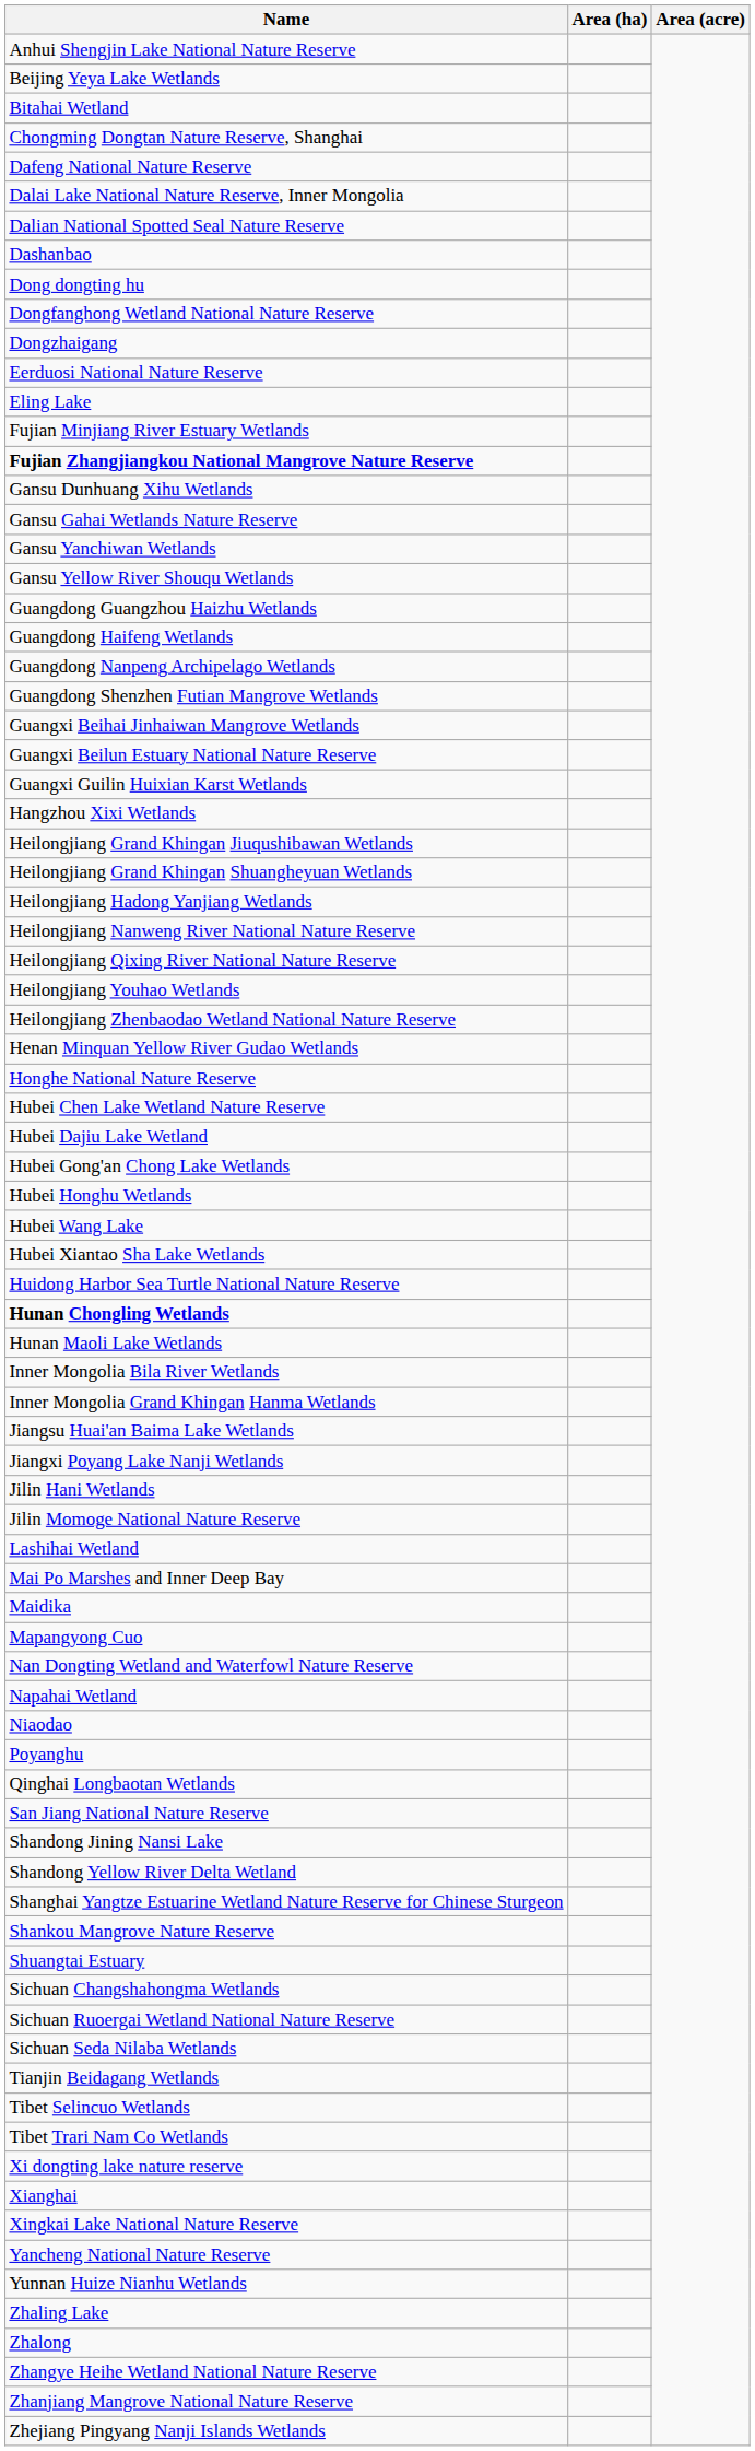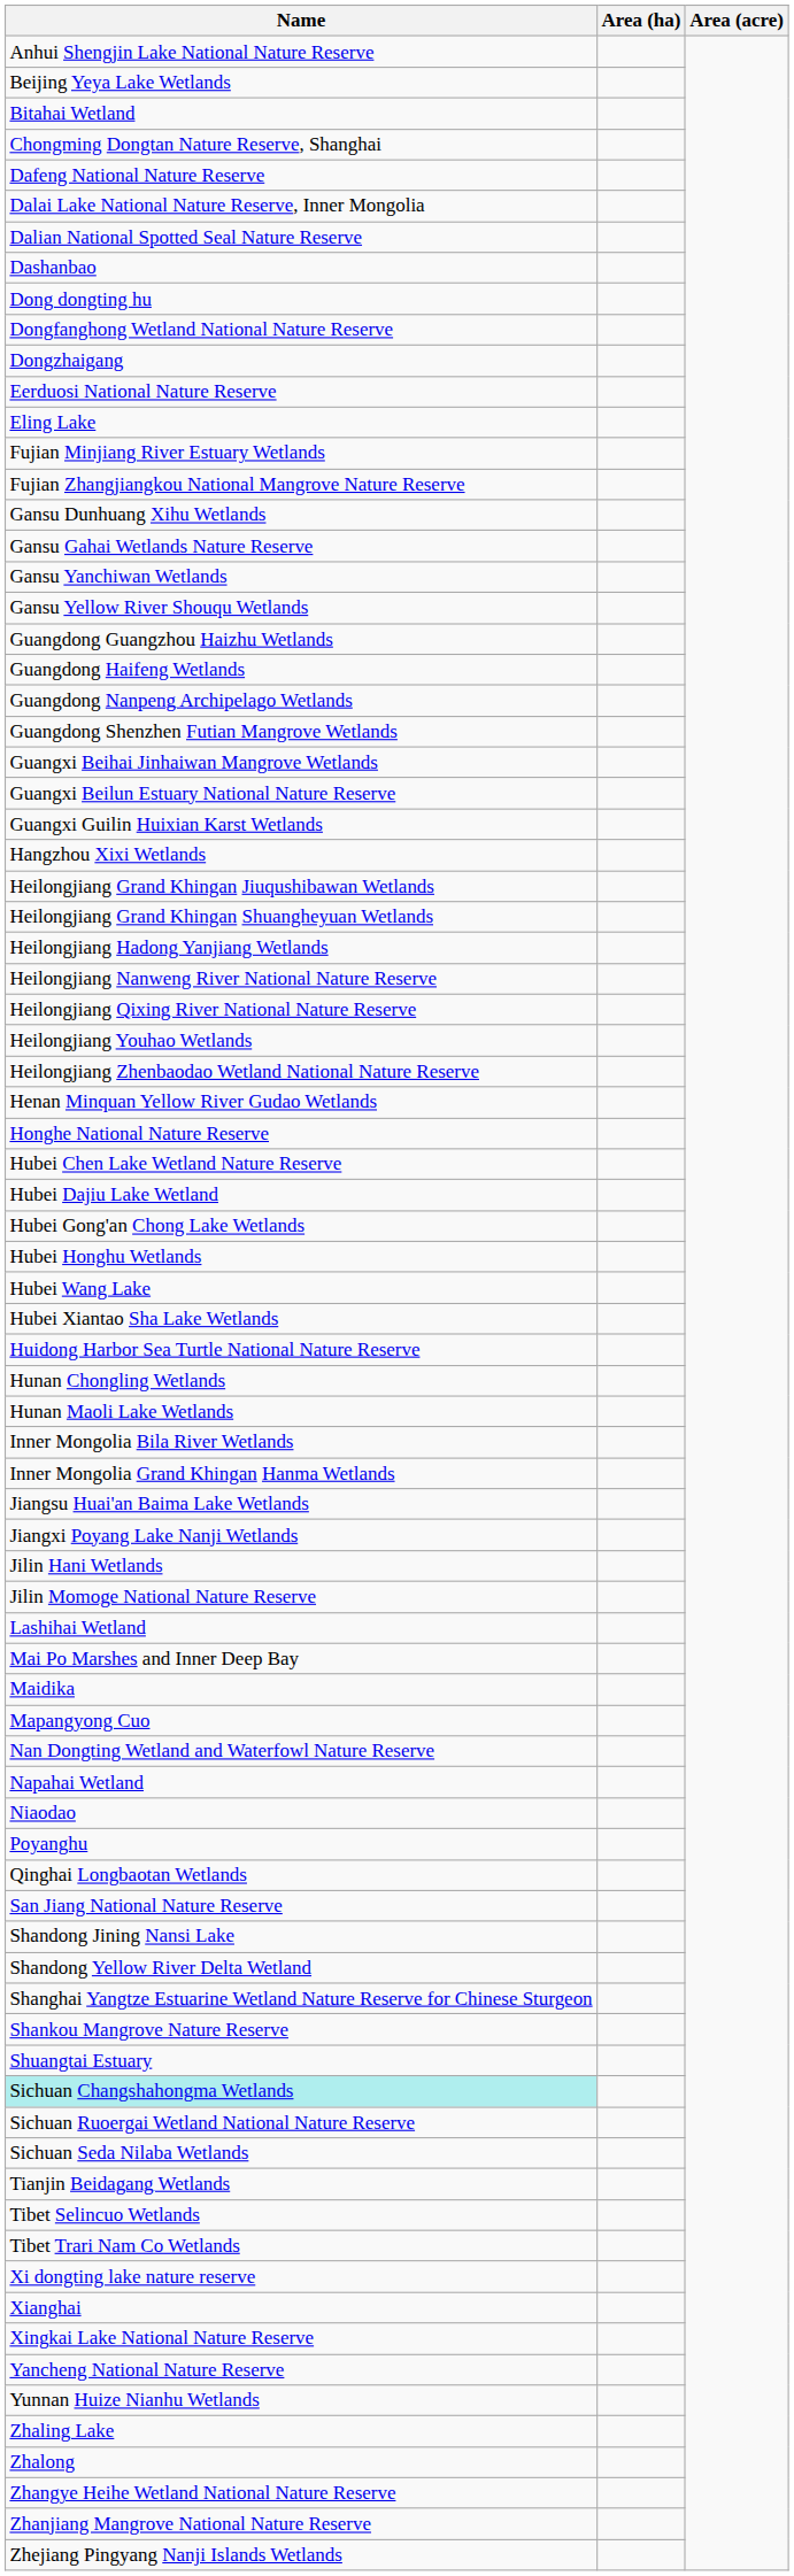 <table class="wikitable sortable">
 <tr>
 <th scope="col" align=left>Name</th>
 <th scope="col">Area (ha)</th>
 <th scope="col">Area (acre)</th>
 </tr>
 <tr ---->
 <td>Anhui <a href='#'>Shengjin Lake National Nature Reserve</a></td>
 <td></td>
 </tr>
 <tr ---->
 <td>Beijing <a href='#'>Yeya Lake Wetlands</a></td>
 <td></td>
 </tr>
 <tr ---->
 <td><a href='#'>Bitahai Wetland</a></td>
 <td></td>
 </tr>
 <tr ---->
 <td><a href='#'>Chongming</a> <a href='#'>Dongtan Nature Reserve</a>, Shanghai</td>
 <td></td>
 </tr>
 <tr ---->
 <td><a href='#'>Dafeng National Nature Reserve</a></td>
 <td></td>
 </tr>
 <tr ---->
 <td><a href='#'>Dalai Lake National Nature Reserve</a>, Inner Mongolia</td>
 <td></td>
 </tr>
 <tr ---->
 <td><a href='#'>Dalian National Spotted Seal Nature Reserve</a></td>
 <td></td>
 </tr>
 <tr ---->
 <td><a href='#'>Dashanbao</a></td>
 <td></td>
 </tr>
 <tr ---->
 <td><a href='#'>Dong dongting hu</a></td>
 <td></td>
 </tr>
 <tr ---->
 <td><a href='#'>Dongfanghong Wetland National Nature Reserve</a></td>
 <td></td>
 </tr>
 <tr ---->
 <td><a href='#'>Dongzhaigang</a></td>
 <td></td>
 </tr>
 <tr ---->
 <td><a href='#'>Eerduosi National Nature Reserve</a></td>
 <td></td>
 </tr>
 <tr ---->
 <td><a href='#'>Eling Lake</a></td>
 <td></td>
 </tr>
 <tr ---->
 <td>Fujian <a href='#'>Minjiang River Estuary Wetlands</a></td>
 <td></td>
 </tr>
 <tr ---->
-<td><strong>Fujian <a href='#'>Zhangjiangkou National Mangrove Nature Reserve</a></strong></td>
+<td>Fujian <a href='#'>Zhangjiangkou National Mangrove Nature Reserve</a></td>
 <td></td>
 </tr>
 <tr ---->
 <td>Gansu Dunhuang <a href='#'>Xihu Wetlands</a></td>
 <td></td>
 </tr>
 <tr ---->
 <td>Gansu <a href='#'>Gahai Wetlands Nature Reserve</a></td>
 <td></td>
 </tr>
 <tr ---->
 <td>Gansu <a href='#'>Yanchiwan Wetlands</a></td>
 <td></td>
 </tr>
 <tr ---->
 <td>Gansu <a href='#'>Yellow River Shouqu Wetlands</a></td>
 <td></td>
 </tr>
 <tr ---->
 <td>Guangdong Guangzhou <a href='#'>Haizhu Wetlands</a></td>
 <td></td>
 </tr>
 <tr ---->
 <td>Guangdong <a href='#'>Haifeng Wetlands</a></td>
 <td></td>
 </tr>
 <tr ---->
 <td>Guangdong <a href='#'>Nanpeng Archipelago Wetlands</a></td>
 <td></td>
 </tr>
 <tr ---->
 <td>Guangdong Shenzhen <a href='#'>Futian Mangrove Wetlands</a></td>
 <td></td>
 </tr>
 <tr ---->
 <td>Guangxi <a href='#'>Beihai Jinhaiwan Mangrove Wetlands</a></td>
 <td></td>
 </tr>
 <tr ---->
 <td>Guangxi <a href='#'>Beilun Estuary National Nature Reserve</a></td>
 <td></td>
 </tr>
 <tr ---->
 <td>Guangxi Guilin <a href='#'>Huixian Karst Wetlands</a></td>
 <td></td>
 </tr>
 <tr ---->
 <td>Hangzhou <a href='#'>Xixi Wetlands</a></td>
 <td></td>
 </tr>
 <tr ---->
 <td>Heilongjiang <a href='#'>Grand Khingan</a> <a href='#'>Jiuqushibawan Wetlands</a></td>
 <td></td>
 </tr>
 <tr ---->
 <td>Heilongjiang <a href='#'>Grand Khingan</a> <a href='#'>Shuangheyuan Wetlands</a></td>
 <td></td>
 </tr>
 <tr ---->
 <td>Heilongjiang <a href='#'>Hadong Yanjiang Wetlands</a></td>
 <td></td>
 </tr>
 <tr ---->
 <td>Heilongjiang <a href='#'>Nanweng River National Nature Reserve</a></td>
 <td></td>
 </tr>
 <tr ---->
 <td>Heilongjiang <a href='#'>Qixing River National Nature Reserve</a></td>
 <td></td>
 </tr>
 <tr ---->
 <td>Heilongjiang <a href='#'>Youhao Wetlands</a></td>
 <td></td>
 </tr>
 <tr ---->
 <td>Heilongjiang <a href='#'>Zhenbaodao Wetland National Nature Reserve</a></td>
 <td></td>
 </tr>
 <tr ---->
 <td>Henan <a href='#'>Minquan Yellow River Gudao Wetlands</a></td>
 <td></td>
 </tr>
 <tr ---->
 <td><a href='#'>Honghe National Nature Reserve</a></td>
 <td></td>
 </tr>
 <tr ---->
 <td>Hubei <a href='#'>Chen Lake Wetland Nature Reserve</a></td>
 <td></td>
 </tr>
 <tr ---->
 <td>Hubei <a href='#'>Dajiu Lake Wetland</a></td>
 <td></td>
 </tr>
 <tr ---->
 <td>Hubei Gong'an <a href='#'>Chong Lake Wetlands</a></td>
 <td></td>
 </tr>
 <tr ---->
 <td>Hubei <a href='#'>Honghu Wetlands</a></td>
 <td></td>
 </tr>
 <tr ---->
 <td>Hubei <a href='#'>Wang Lake</a></td>
 <td></td>
 </tr>
 <tr ---->
 <td>Hubei Xiantao <a href='#'>Sha Lake Wetlands</a></td>
 <td></td>
 </tr>
 <tr ---->
 <td><a href='#'>Huidong Harbor Sea Turtle National Nature Reserve</a></td>
 <td></td>
 </tr>
 <tr ---->
-<td><strong>Hunan <a href='#'>Chongling Wetlands</a></strong></td>
+<td>Hunan <a href='#'>Chongling Wetlands</a></td>
 <td></td>
 </tr>
 <tr ---->
 <td>Hunan <a href='#'>Maoli Lake Wetlands</a></td>
 <td></td>
 </tr>
 <tr ---->
 <td>Inner Mongolia <a href='#'>Bila River Wetlands</a></td>
 <td></td>
 </tr>
 <tr ---->
 <td>Inner Mongolia <a href='#'>Grand Khingan</a> <a href='#'>Hanma Wetlands</a></td>
 <td></td>
 </tr>
 <tr ---->
 <td>Jiangsu <a href='#'>Huai'an Baima Lake Wetlands</a></td>
 <td></td>
 </tr>
 <tr ---->
 <td>Jiangxi <a href='#'>Poyang Lake Nanji Wetlands</a></td>
 <td></td>
 </tr>
 <tr ---->
 <td>Jilin <a href='#'>Hani Wetlands</a></td>
 <td></td>
 </tr>
 <tr ---->
 <td>Jilin <a href='#'>Momoge National Nature Reserve</a></td>
 <td></td>
 </tr>
 <tr ---->
 <td><a href='#'>Lashihai Wetland</a></td>
 <td></td>
 </tr>
 <tr ---->
 <td><a href='#'>Mai Po Marshes</a> and Inner Deep Bay</td>
 <td></td>
 </tr>
 <tr ---->
 <td><a href='#'>Maidika</a></td>
 <td></td>
 </tr>
 <tr ---->
 <td><a href='#'>Mapangyong Cuo</a></td>
 <td></td>
 </tr>
 <tr ---->
 <td><a href='#'>Nan Dongting Wetland and Waterfowl Nature Reserve</a></td>
 <td></td>
 </tr>
 <tr ---->
 <td><a href='#'>Napahai Wetland</a></td>
 <td></td>
 </tr>
 <tr ---->
 <td><a href='#'>Niaodao</a></td>
 <td></td>
 </tr>
 <tr ---->
 <td><a href='#'>Poyanghu</a></td>
 <td></td>
 </tr>
 <tr ---->
 <td>Qinghai <a href='#'>Longbaotan Wetlands</a></td>
 <td></td>
 </tr>
 <tr ---->
 <td><a href='#'>San Jiang National Nature Reserve</a></td>
 <td></td>
 </tr>
 <tr ---->
 <td>Shandong Jining <a href='#'>Nansi Lake</a></td>
 <td></td>
 </tr>
 <tr ---->
 <td>Shandong <a href='#'>Yellow River Delta Wetland</a></td>
 <td></td>
 </tr>
 <tr ---->
 <td>Shanghai <a href='#'>Yangtze Estuarine Wetland Nature Reserve for Chinese Sturgeon</a></td>
 <td></td>
 </tr>
 <tr ---->
 <td><a href='#'>Shankou Mangrove Nature Reserve</a></td>
 <td></td>
 </tr>
 <tr ---->
 <td><a href='#'>Shuangtai Estuary</a></td>
 <td></td>
 </tr>
 <tr ---->
-<td>Sichuan <a href='#'>Changshahongma Wetlands</a></td>
+<td style="background: paleturquoise;">Sichuan <a href='#'>Changshahongma Wetlands</a></td>
 <td></td>
 </tr>
 <tr ---->
 <td>Sichuan <a href='#'>Ruoergai Wetland National Nature Reserve</a></td>
 <td></td>
 </tr>
 <tr ---->
 <td>Sichuan <a href='#'>Seda Nilaba Wetlands</a></td>
 <td></td>
 </tr>
 <tr ---->
 <td>Tianjin <a href='#'>Beidagang Wetlands</a></td>
 <td></td>
 </tr>
 <tr ---->
 <td>Tibet <a href='#'>Selincuo Wetlands</a></td>
 <td></td>
 </tr>
 <tr ---->
 <td>Tibet <a href='#'>Trari Nam Co Wetlands</a></td>
 <td></td>
 </tr>
 <tr ---->
 <td><a href='#'>Xi dongting lake nature reserve</a></td>
 <td></td>
 </tr>
 <tr ---->
 <td><a href='#'>Xianghai</a></td>
 <td></td>
 </tr>
 <tr ---->
 <td><a href='#'>Xingkai Lake National Nature Reserve</a></td>
 <td></td>
 </tr>
 <tr ---->
 <td><a href='#'>Yancheng National Nature Reserve</a></td>
 <td></td>
 </tr>
 <tr ---->
 <td>Yunnan <a href='#'>Huize Nianhu Wetlands</a></td>
 <td></td>
 </tr>
 <tr ---->
 <td><a href='#'>Zhaling Lake</a></td>
 <td></td>
 </tr>
 <tr ---->
 <td><a href='#'>Zhalong</a></td>
 <td></td>
 </tr>
 <tr ---->
 <td><a href='#'>Zhangye Heihe Wetland National Nature Reserve</a></td>
 <td></td>
 </tr>
 <tr ---->
 <td><a href='#'>Zhanjiang Mangrove National Nature Reserve</a></td>
 <td></td>
 </tr>
 <tr ---->
 <td>Zhejiang Pingyang <a href='#'>Nanji Islands Wetlands</a></td>
 <td></td>
 </tr>
 </table>
